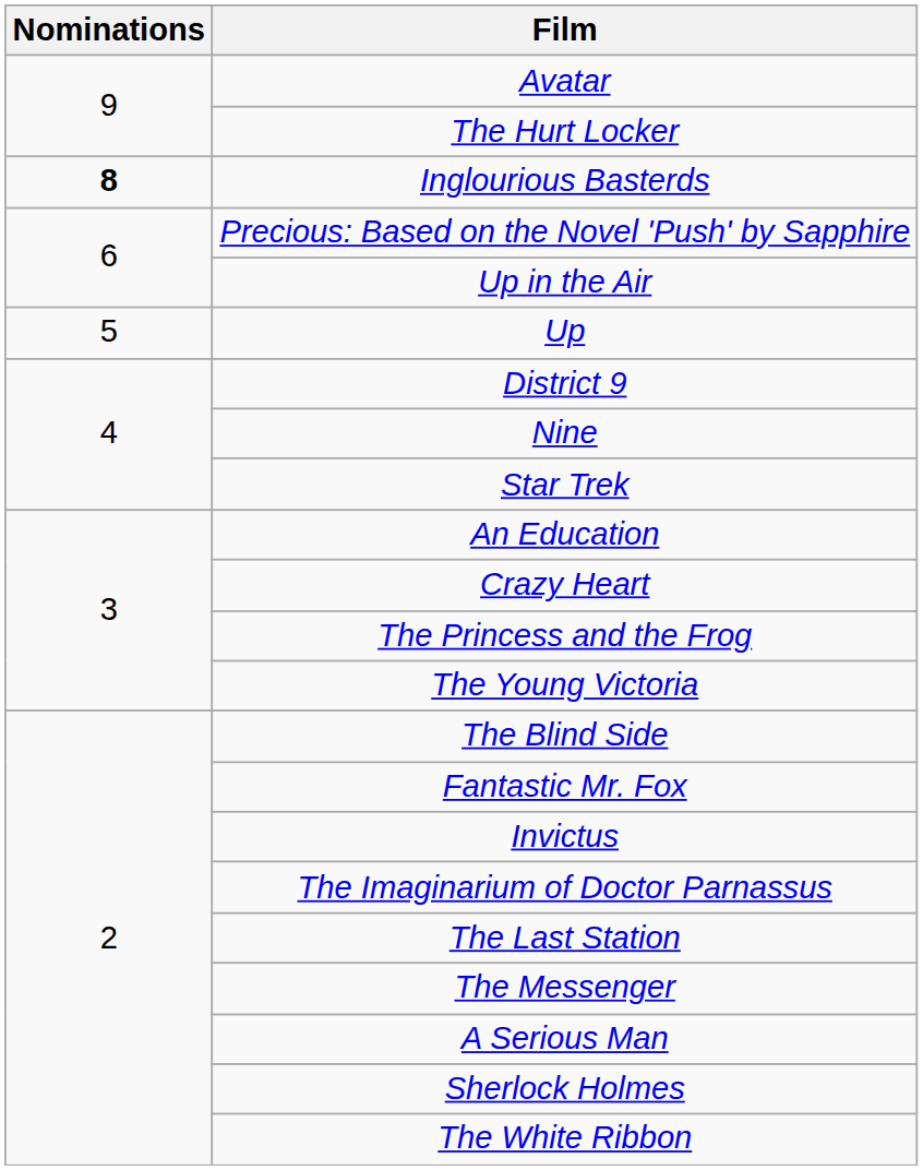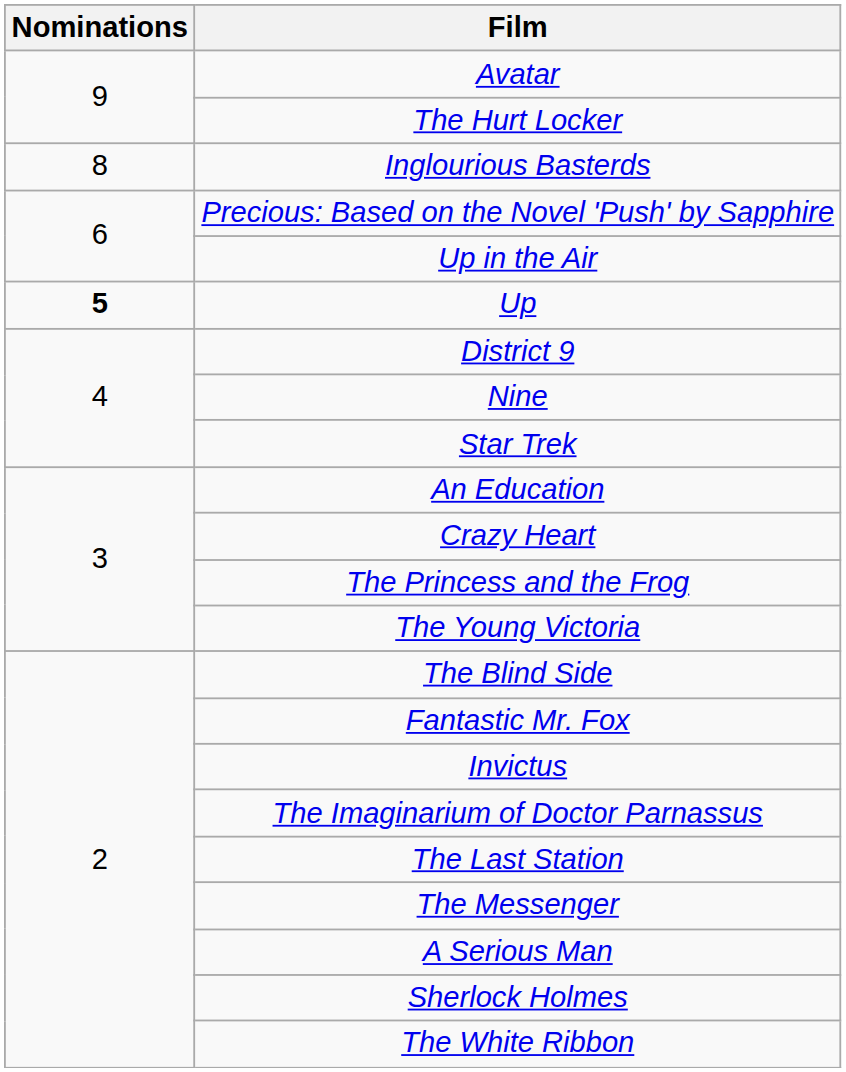 <table class="wikitable" style="text-align: center;">
 <tr>
 <th scope="col" width="55">Nominations</th>
 <th scope="col" align="center">Film</th>
 </tr>
 <tr>
 <td rowspan=2 style="text-align:center">9</td>
 <td><em><a href='#'>Avatar</a></em></td>
 </tr>
 <tr>
 <td><em><a href='#'>The Hurt Locker</a></em></td>
 </tr>
 <tr>
-<td style="text-align: center;"><strong>8</strong></td>
+<td style="text-align: center;">8</td>
 <td><em><a href='#'>Inglourious Basterds</a></em></td>
 </tr>
 <tr>
 <td rowspan=2 style="text-align:center">6</td>
 <td><em><a href='#'>Precious: Based on the Novel 'Push' by Sapphire</a></em></td>
 </tr>
 <tr>
 <td><em><a href='#'>Up in the Air</a></em></td>
 </tr>
 <tr>
-<td style="text-align: center;">5</td>
+<td style="text-align: center;"><strong>5</strong></td>
 <td><em><a href='#'>Up</a></em></td>
 </tr>
 <tr>
 <td rowspan=3 style="text-align:center">4</td>
 <td><em><a href='#'>District 9</a></em></td>
 </tr>
 <tr>
 <td><em><a href='#'>Nine</a></em></td>
 </tr>
 <tr>
 <td><em><a href='#'>Star Trek</a></em></td>
 </tr>
 <tr>
 <td rowspan=4 style="text-align:center">3</td>
 <td><em><a href='#'>An Education</a></em></td>
 </tr>
 <tr>
 <td><em><a href='#'>Crazy Heart</a></em></td>
 </tr>
 <tr>
 <td><em><a href='#'>The Princess and the Frog</a></em></td>
 </tr>
 <tr>
 <td><em><a href='#'>The Young Victoria</a></em></td>
 </tr>
 <tr>
 <td rowspan=9 style="text-align:center">2</td>
 <td><em><a href='#'>The Blind Side</a></em></td>
 </tr>
 <tr>
 <td><em><a href='#'>Fantastic Mr. Fox</a></em></td>
 </tr>
 <tr>
 <td><em><a href='#'>Invictus</a></em></td>
 </tr>
 <tr>
 <td><em><a href='#'>The Imaginarium of Doctor Parnassus</a></em></td>
 </tr>
 <tr>
 <td><em><a href='#'>The Last Station</a></em></td>
 </tr>
 <tr>
 <td><em><a href='#'>The Messenger</a></em></td>
 </tr>
 <tr>
 <td><em><a href='#'>A Serious Man</a></em></td>
 </tr>
 <tr>
 <td><em><a href='#'>Sherlock Holmes</a></em></td>
 </tr>
 <tr>
 <td><em><a href='#'>The White Ribbon</a></em></td>
 </tr>
 </table>
